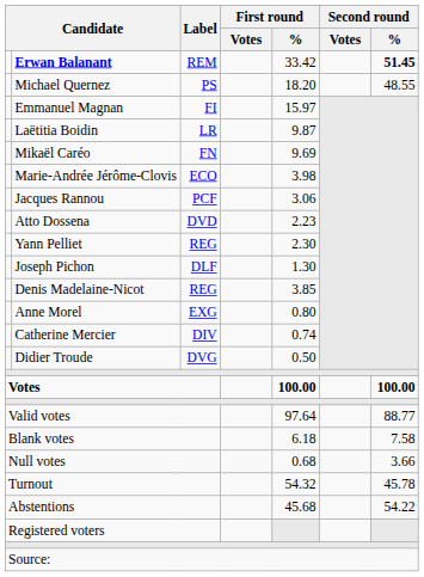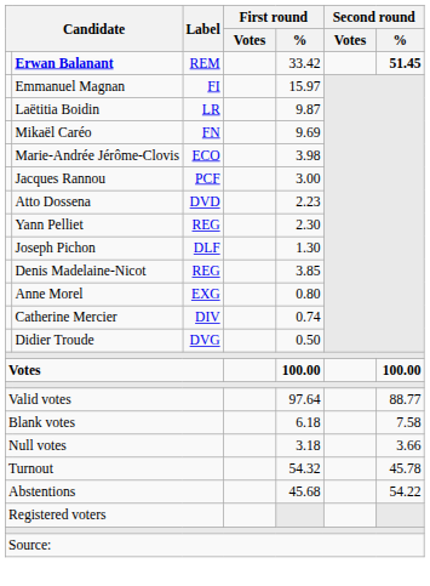 <table class="wikitable" style="text-align:right;font-size:95%;">
 <tr>
 <th rowspan="2" colspan="2">Candidate</th>
 <th rowspan="2">Label</th>
 <th colspan="2">First round</th>
 <th colspan="2">Second round</th>
 </tr>
 <tr>
 <th style="width:50px;">Votes</th>
 <th style="width:45px;">%</th>
 <th style="width:50px;">Votes</th>
 <th style="width:45px;">%</th>
 </tr>
 <tr>
 <td style="color:inherit;background:"></td>
 <td style="text-align:left;"><strong><a href='#'>Erwan Balanant</a></strong></td>
 <td><a href='#'>REM</a></td>
 <td></td>
 <td>33.42</td>
 <td><strong></strong></td>
 <td><strong>51.45</strong></td>
-</tr>
-<tr>
-<td style="color:inherit;background:"></td>
-<td style="text-align:left;">Michael Quernez</td>
-<td><a href='#'>PS</a></td>
-<td></td>
-<td>18.20</td>
-<td></td>
-<td>48.55</td>
 </tr>
 <tr>
 <td style="color:inherit;background:"></td>
 <td style="text-align:left;">Emmanuel Magnan</td>
 <td><a href='#'>FI</a></td>
 <td></td>
 <td>15.97</td>
 <td colspan="2" rowspan="12" style="background:#E9E9E9;"></td>
 </tr>
 <tr>
 <td style="color:inherit;background:"></td>
 <td style="text-align:left;">Laëtitia Boidin</td>
 <td><a href='#'>LR</a></td>
 <td></td>
 <td>9.87</td>
 </tr>
 <tr>
 <td style="color:inherit;background:"></td>
 <td style="text-align:left;">Mikaël Caréo</td>
 <td><a href='#'>FN</a></td>
 <td></td>
 <td>9.69</td>
 </tr>
 <tr>
 <td style="color:inherit;background:"></td>
 <td style="text-align:left;">Marie-Andrée Jérôme-Clovis</td>
 <td><a href='#'>ECO</a></td>
 <td></td>
 <td>3.98</td>
 </tr>
 <tr>
 <td style="color:inherit;background:"></td>
 <td style="text-align:left;">Jacques Rannou</td>
 <td><a href='#'>PCF</a></td>
 <td></td>
-<td>3.06</td>
+<td>3.00</td>
 </tr>
 <tr>
 <td style="color:inherit;background:"></td>
 <td style="text-align:left;">Atto Dossena</td>
 <td><a href='#'>DVD</a></td>
 <td></td>
 <td>2.23</td>
 </tr>
 <tr>
 <td style="color:inherit;background:"></td>
 <td style="text-align:left;">Yann Pelliet</td>
 <td><a href='#'>REG</a></td>
 <td></td>
 <td>2.30</td>
 </tr>
 <tr>
 <td style="color:inherit;background:"></td>
 <td style="text-align:left;">Joseph Pichon</td>
 <td><a href='#'>DLF</a></td>
 <td></td>
 <td>1.30</td>
 </tr>
 <tr>
 <td style="color:inherit;background:"></td>
 <td style="text-align:left;">Denis Madelaine-Nicot</td>
 <td><a href='#'>REG</a></td>
 <td></td>
 <td>3.85</td>
 </tr>
 <tr>
 <td style="color:inherit;background:"></td>
 <td style="text-align:left;">Anne Morel</td>
 <td><a href='#'>EXG</a></td>
 <td></td>
 <td>0.80</td>
 </tr>
 <tr>
 <td style="color:inherit;background:"></td>
 <td style="text-align:left;">Catherine Mercier</td>
 <td><a href='#'>DIV</a></td>
 <td></td>
 <td>0.74</td>
 </tr>
 <tr>
 <td style="color:inherit;background:"></td>
 <td style="text-align:left;">Didier Troude</td>
 <td><a href='#'>DVG</a></td>
 <td></td>
 <td>0.50</td>
 </tr>
 <tr>
 <td colspan="7" style="background:#E9E9E9;"></td>
 </tr>
 <tr style="font-weight:bold;">
 <td colspan="3" style="text-align:left;">Votes</td>
 <td></td>
 <td>100.00</td>
 <td></td>
 <td>100.00</td>
 </tr>
 <tr>
 <td colspan="7" style="background:#E9E9E9;"></td>
 </tr>
 <tr>
 <td colspan="3" style="text-align:left;">Valid votes</td>
 <td></td>
 <td>97.64</td>
 <td></td>
 <td>88.77</td>
 </tr>
 <tr>
 <td colspan="3" style="text-align:left;">Blank votes</td>
 <td></td>
 <td>6.18</td>
 <td></td>
 <td>7.58</td>
 </tr>
 <tr>
 <td colspan="3" style="text-align:left;">Null votes</td>
 <td></td>
-<td>0.68</td>
+<td>3.18</td>
 <td></td>
 <td>3.66</td>
 </tr>
 <tr>
 <td colspan="3" style="text-align:left;">Turnout</td>
 <td></td>
 <td>54.32</td>
 <td></td>
 <td>45.78</td>
 </tr>
 <tr>
 <td colspan="3" style="text-align:left;">Abstentions</td>
 <td></td>
 <td>45.68</td>
 <td></td>
 <td>54.22</td>
 </tr>
 <tr>
 <td colspan="3" style="text-align:left;">Registered voters</td>
 <td></td>
 <td style="color:inherit;background:#E9E9E9;"></td>
 <td></td>
 <td style="color:inherit;background:#E9E9E9;"></td>
 </tr>
 <tr>
 <td colspan="7" style="background:#E9E9E9;"></td>
 </tr>
 <tr>
 <td colspan="7" style="text-align:left;">Source: </td>
 </tr>
 </table>
